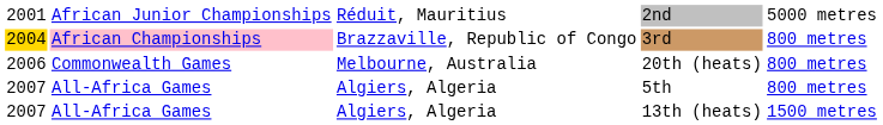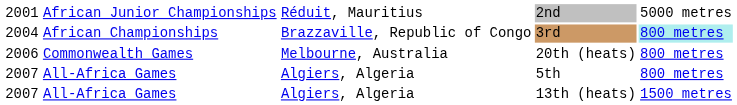 <table>
 <tr>
 <td>2001</td>
 <td><a href='#'>African Junior Championships</a></td>
 <td><a href='#'>Réduit</a>, Mauritius</td>
 <td bgcolor=silver>2nd</td>
 <td>5000 metres</td>
 <td></td>
 </tr>
 <tr>
-<td style="background: gold;">2004</td>
-<td style="background: pink;"><a href='#'>African Championships</a></td>
+<td>2004</td>
+<td><a href='#'>African Championships</a></td>
 <td><a href='#'>Brazzaville</a>, Republic of Congo</td>
 <td bgcolor=cc9966>3rd</td>
-<td><a href='#'>800 metres</a></td>
+<td style="background: paleturquoise;"><a href='#'>800 metres</a></td>
 <td></td>
 </tr>
 <tr>
 <td>2006</td>
 <td><a href='#'>Commonwealth Games</a></td>
 <td><a href='#'>Melbourne</a>, Australia</td>
 <td>20th (heats)</td>
 <td><a href='#'>800 metres</a></td>
 <td></td>
 </tr>
 <tr>
 <td>2007</td>
 <td><a href='#'>All-Africa Games</a></td>
 <td><a href='#'>Algiers</a>, Algeria</td>
 <td>5th</td>
 <td><a href='#'>800 metres</a></td>
 <td></td>
 </tr>
 <tr>
 <td>2007</td>
 <td><a href='#'>All-Africa Games</a></td>
 <td><a href='#'>Algiers</a>, Algeria</td>
 <td>13th (heats)</td>
 <td><a href='#'>1500 metres</a></td>
 <td></td>
 </tr>
 </table>
